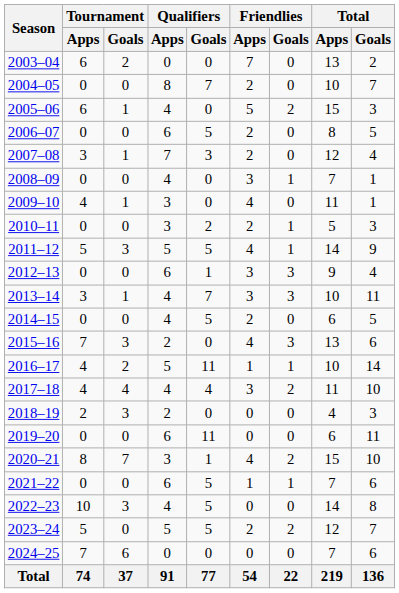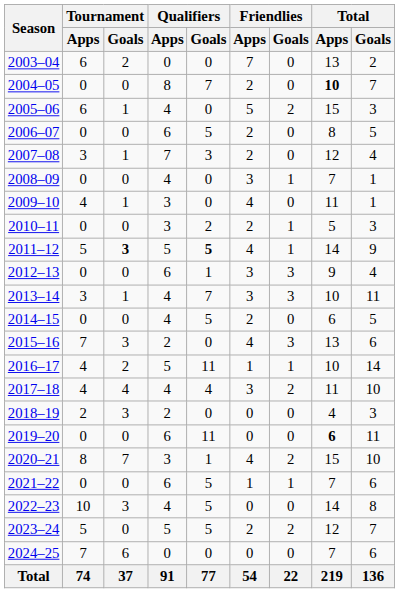 <table class="wikitable" style="text-align:center">
 <tr>
 <th rowspan="2">Season</th>
 <th colspan="2">Tournament</th>
 <th colspan="2">Qualifiers</th>
 <th colspan="2">Friendlies</th>
 <th colspan="2">Total</th>
 </tr>
 <tr>
 <th>Apps</th>
 <th>Goals</th>
 <th>Apps</th>
 <th>Goals</th>
 <th>Apps</th>
 <th>Goals</th>
 <th>Apps</th>
 <th>Goals</th>
 </tr>
 <tr>
 <td><a href='#'>2003–04</a></td>
 <td>6</td>
 <td>2</td>
 <td>0</td>
 <td>0</td>
 <td>7</td>
 <td>0</td>
 <td>13</td>
 <td>2</td>
 </tr>
 <tr>
 <td><a href='#'>2004–05</a></td>
 <td>0</td>
 <td>0</td>
 <td>8</td>
 <td>7</td>
 <td>2</td>
 <td>0</td>
-<td>10</td>
+<td><strong>10</strong></td>
 <td>7</td>
 </tr>
 <tr>
 <td><a href='#'>2005–06</a></td>
 <td>6</td>
 <td>1</td>
 <td>4</td>
 <td>0</td>
 <td>5</td>
 <td>2</td>
 <td>15</td>
 <td>3</td>
 </tr>
 <tr>
 <td><a href='#'>2006–07</a></td>
 <td>0</td>
 <td>0</td>
 <td>6</td>
 <td>5</td>
 <td>2</td>
 <td>0</td>
 <td>8</td>
 <td>5</td>
 </tr>
 <tr>
 <td><a href='#'>2007–08</a></td>
 <td>3</td>
 <td>1</td>
 <td>7</td>
 <td>3</td>
 <td>2</td>
 <td>0</td>
 <td>12</td>
 <td>4</td>
 </tr>
 <tr>
 <td><a href='#'>2008–09</a></td>
 <td>0</td>
 <td>0</td>
 <td>4</td>
 <td>0</td>
 <td>3</td>
 <td>1</td>
 <td>7</td>
 <td>1</td>
 </tr>
 <tr>
 <td><a href='#'>2009–10</a></td>
 <td>4</td>
 <td>1</td>
 <td>3</td>
 <td>0</td>
 <td>4</td>
 <td>0</td>
 <td>11</td>
 <td>1</td>
 </tr>
 <tr>
 <td><a href='#'>2010–11</a></td>
 <td>0</td>
 <td>0</td>
 <td>3</td>
 <td>2</td>
 <td>2</td>
 <td>1</td>
 <td>5</td>
 <td>3</td>
 </tr>
 <tr>
 <td><a href='#'>2011–12</a></td>
 <td>5</td>
-<td>3</td>
+<td><strong>3</strong></td>
 <td>5</td>
-<td>5</td>
+<td><strong>5</strong></td>
 <td>4</td>
 <td>1</td>
 <td>14</td>
 <td>9</td>
 </tr>
 <tr>
 <td><a href='#'>2012–13</a></td>
 <td>0</td>
 <td>0</td>
 <td>6</td>
 <td>1</td>
 <td>3</td>
 <td>3</td>
 <td>9</td>
 <td>4</td>
 </tr>
 <tr>
 <td><a href='#'>2013–14</a></td>
 <td>3</td>
 <td>1</td>
 <td>4</td>
 <td>7</td>
 <td>3</td>
 <td>3</td>
 <td>10</td>
 <td>11</td>
 </tr>
 <tr>
 <td><a href='#'>2014–15</a></td>
 <td>0</td>
 <td>0</td>
 <td>4</td>
 <td>5</td>
 <td>2</td>
 <td>0</td>
 <td>6</td>
 <td>5</td>
 </tr>
 <tr>
 <td><a href='#'>2015–16</a></td>
 <td>7</td>
 <td>3</td>
 <td>2</td>
 <td>0</td>
 <td>4</td>
 <td>3</td>
 <td>13</td>
 <td>6</td>
 </tr>
 <tr>
 <td><a href='#'>2016–17</a></td>
 <td>4</td>
 <td>2</td>
 <td>5</td>
 <td>11</td>
 <td>1</td>
 <td>1</td>
 <td>10</td>
 <td>14</td>
 </tr>
 <tr>
 <td><a href='#'>2017–18</a></td>
 <td>4</td>
 <td>4</td>
 <td>4</td>
 <td>4</td>
 <td>3</td>
 <td>2</td>
 <td>11</td>
 <td>10</td>
 </tr>
 <tr>
 <td><a href='#'>2018–19</a></td>
 <td>2</td>
 <td>3</td>
 <td>2</td>
 <td>0</td>
 <td>0</td>
 <td>0</td>
 <td>4</td>
 <td>3</td>
 </tr>
 <tr>
 <td><a href='#'>2019–20</a></td>
 <td>0</td>
 <td>0</td>
 <td>6</td>
 <td>11</td>
 <td>0</td>
 <td>0</td>
-<td>6</td>
+<td><strong>6</strong></td>
 <td>11</td>
 </tr>
 <tr>
 <td><a href='#'>2020–21</a></td>
 <td>8</td>
 <td>7</td>
 <td>3</td>
 <td>1</td>
 <td>4</td>
 <td>2</td>
 <td>15</td>
 <td>10</td>
 </tr>
 <tr>
 <td><a href='#'>2021–22</a></td>
 <td>0</td>
 <td>0</td>
 <td>6</td>
 <td>5</td>
 <td>1</td>
 <td>1</td>
 <td>7</td>
 <td>6</td>
 </tr>
 <tr>
 <td><a href='#'>2022–23</a></td>
 <td>10</td>
 <td>3</td>
 <td>4</td>
 <td>5</td>
 <td>0</td>
 <td>0</td>
 <td>14</td>
 <td>8</td>
 </tr>
 <tr>
 <td><a href='#'>2023–24</a></td>
 <td>5</td>
 <td>0</td>
 <td>5</td>
 <td>5</td>
 <td>2</td>
 <td>2</td>
 <td>12</td>
 <td>7</td>
 </tr>
 <tr>
 <td><a href='#'>2024–25</a></td>
 <td>7</td>
 <td>6</td>
 <td>0</td>
 <td>0</td>
 <td>0</td>
 <td>0</td>
 <td>7</td>
 <td>6</td>
 </tr>
 <tr>
 <th>Total</th>
 <th>74</th>
 <th>37</th>
 <th>91</th>
 <th>77</th>
 <th>54</th>
 <th>22</th>
 <th>219</th>
 <th>136</th>
 </tr>
 </table>
